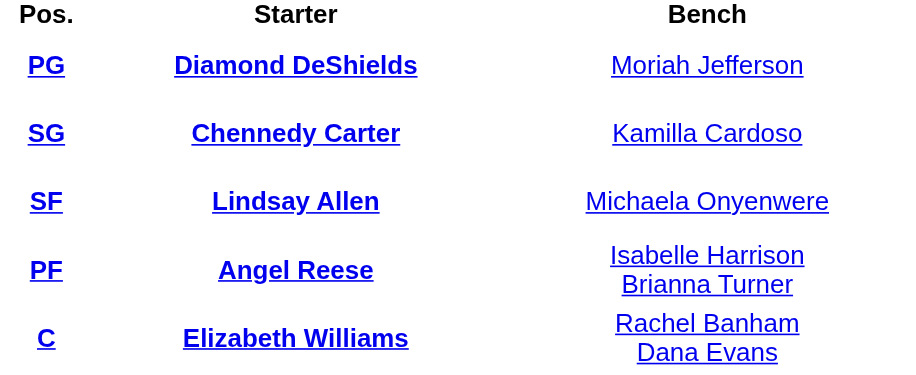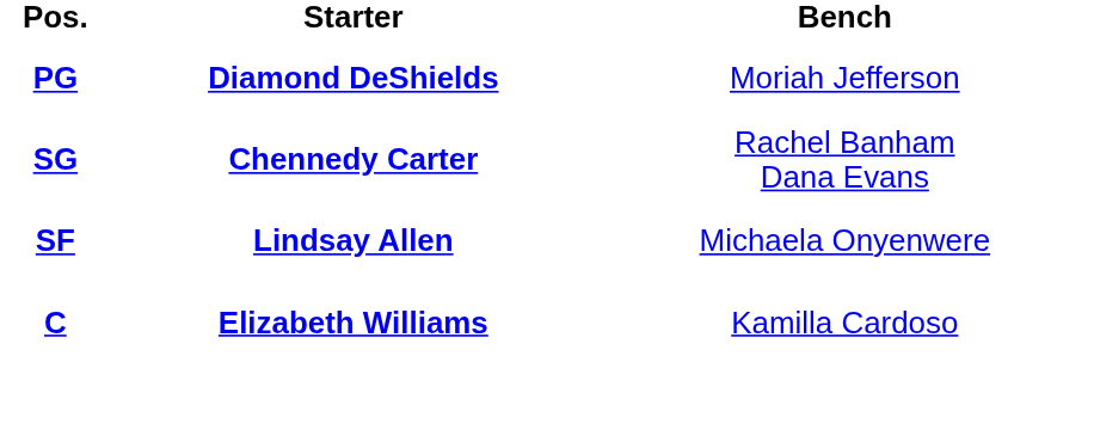 <table style="text-align:center; ">
 <tr>
 <th width="50">Pos.</th>
 <th width="250">Starter</th>
 <th width="250">Bench</th>
 </tr>
 <tr style="height:40px; background:white; color:#092C57">
 <th><a href='#'><span>PG</span></a></th>
 <td><strong><a href='#'>Diamond DeShields</a></strong> </td>
 <td><a href='#'>Moriah Jefferson</a></td>
 </tr>
 <tr style="height:40px; background:white; color:#092C57">
 <th><a href='#'><span>SG</span></a></th>
 <td><strong><a href='#'>Chennedy Carter</a> </strong></td>
-<td><a href='#'>Kamilla Cardoso</a> </td>
+<td><a href='#'>Rachel Banham</a><br><a href='#'>Dana Evans</a></td>
 </tr>
 <tr style="height:40px; background:white; color:#092C57">
 <th><a href='#'><span>SF</span></a></th>
 <td><strong><a href='#'>Lindsay Allen</a></strong></td>
 <td><a href='#'>Michaela Onyenwere</a></td>
 </tr>
 <tr style="height:40px; background:white; color:#092C57">
-<th><a href='#'><span>PF</span></a></th>
-<td><strong><a href='#'>Angel Reese</a></strong> </td>
-<td><a href='#'>Isabelle Harrison</a><br><a href='#'>Brianna Turner</a></td>
-</tr>
-<tr style="height:40px; background:white; color:#092C57">
 <th><a href='#'><span>C</span></a></th>
 <td><strong><a href='#'>Elizabeth Williams</a></strong> </td>
-<td><a href='#'>Rachel Banham</a><br><a href='#'>Dana Evans</a></td>
+<td><a href='#'>Kamilla Cardoso</a> </td>
 </tr>
 </table>
